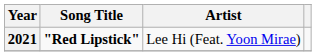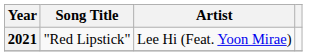 <table class="wikitable sortable plainrowheaders">
 <tr>
 <th scope="col">Year</th>
 <th scope="col">Song Title</th>
 <th scope="col">Artist</th>
 <th scope="col" class="unsortable"></th>
 </tr>
 <tr>
 <th scope="row">2021</th>
-<td><strong>"Red Lipstick"</strong></td>
+<td>"Red Lipstick"</td>
 <td>Lee Hi (Feat. <a href='#'>Yoon Mirae</a>)</td>
 <td></td>
 </tr>
 <tr>
 </tr>
 </table>
